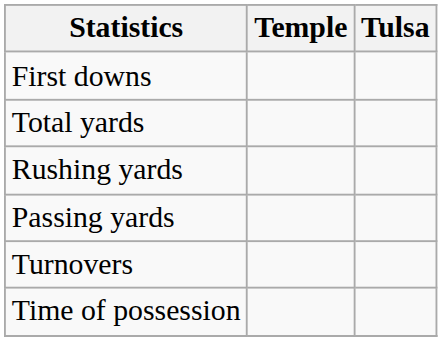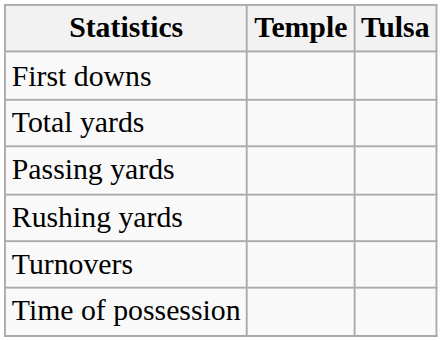 <table class="wikitable">
 <tr>
 <th>Statistics</th>
 <th>Temple</th>
 <th>Tulsa</th>
 </tr>
 <tr>
 <td>First downs</td>
 <td> </td>
 <td> </td>
 </tr>
 <tr>
 <td>Total yards</td>
 <td> </td>
 <td> </td>
 </tr>
 <tr>
-<td>Rushing yards</td>
+<td>Passing yards</td>
 <td> </td>
 <td> </td>
 </tr>
 <tr>
-<td>Passing yards</td>
+<td>Rushing yards</td>
 <td> </td>
 <td> </td>
 </tr>
 <tr>
 <td>Turnovers</td>
 <td> </td>
 <td> </td>
 </tr>
 <tr>
 <td>Time of possession</td>
 <td> </td>
 <td> </td>
 </tr>
 <tr>
 </tr>
 </table>
